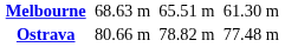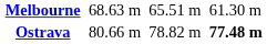 <table>
 <tr>
 <th scope="row"><a href='#'>Melbourne</a></th>
 <td></td>
 <td>68.63 m</td>
 <td></td>
 <td>65.51 m</td>
 <td></td>
 <td>61.30 m</td>
 </tr>
 <tr>
 <th scope="row"><a href='#'>Ostrava</a></th>
 <td></td>
 <td>80.66 m</td>
 <td></td>
 <td>78.82 m</td>
 <td></td>
-<td>77.48 m</td>
+<td><strong>77.48 m</strong></td>
 </tr>
 </table>
